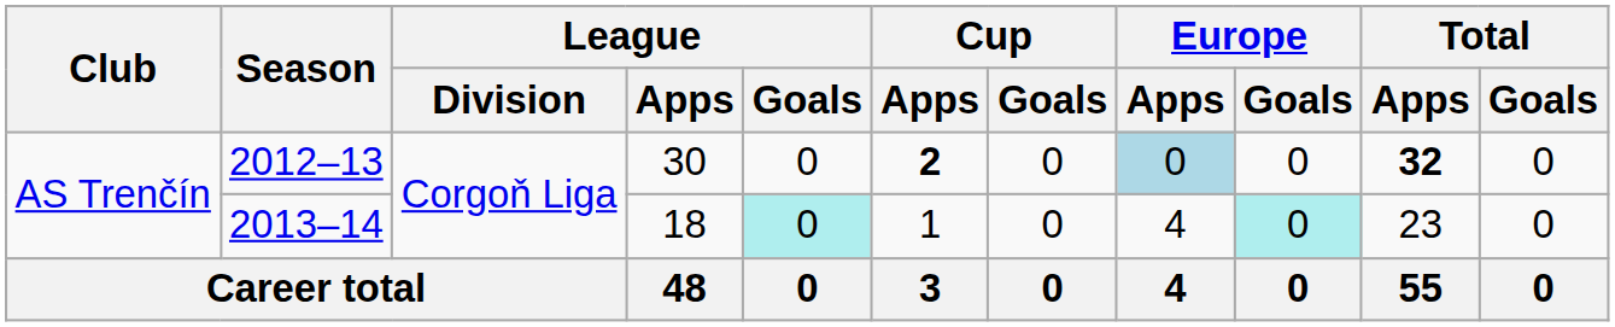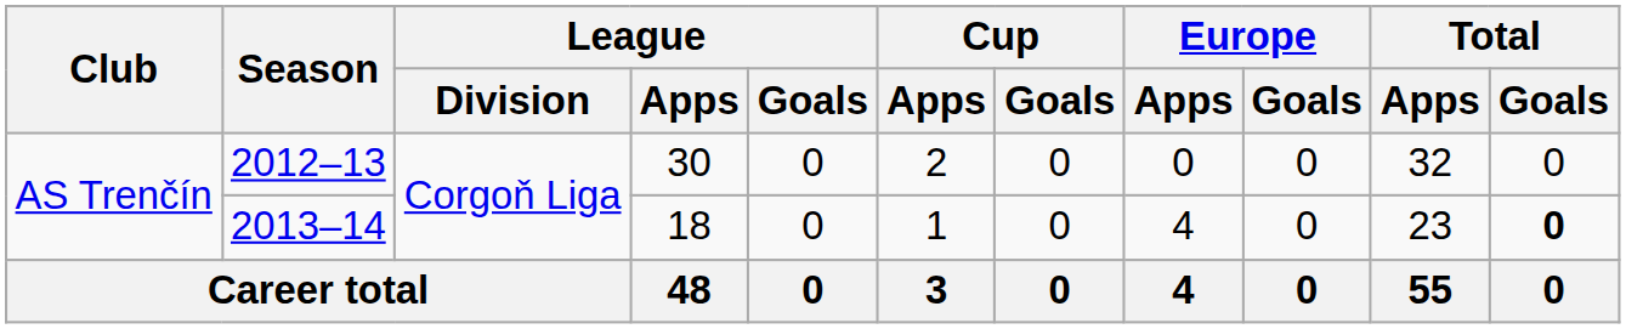 <table class="wikitable" style="text-align:center">
 <tr>
 <th rowspan="2">Club</th>
 <th rowspan="2">Season</th>
 <th colspan="3">League</th>
 <th colspan="2">Cup</th>
 <th colspan="2"><a href='#'>Europe</a></th>
 <th colspan="2">Total</th>
 </tr>
 <tr>
 <th>Division</th>
 <th>Apps</th>
 <th>Goals</th>
 <th>Apps</th>
 <th>Goals</th>
 <th>Apps</th>
 <th>Goals</th>
 <th>Apps</th>
 <th>Goals</th>
 </tr>
 <tr>
 <td rowspan="2"><a href='#'>AS Trenčín</a></td>
 <td><a href='#'>2012–13</a></td>
 <td rowspan="2"><a href='#'>Corgoň Liga</a></td>
 <td>30</td>
 <td>0</td>
-<td><strong>2</strong></td>
+<td>2</td>
 <td>0</td>
-<td style="background: lightblue;">0</td>
 <td>0</td>
-<td><strong>32</strong></td>
+<td>0</td>
+<td>32</td>
 <td>0</td>
 </tr>
 <tr>
 <td><a href='#'>2013–14</a></td>
 <td>18</td>
-<td style="background: paleturquoise;">0</td>
+<td>0</td>
 <td>1</td>
 <td>0</td>
 <td>4</td>
-<td style="background: paleturquoise;">0</td>
+<td>0</td>
 <td>23</td>
-<td>0</td>
+<td><strong>0</strong></td>
 </tr>
 <tr>
 <th colspan="3">Career total</th>
 <th>48</th>
 <th>0</th>
 <th>3</th>
 <th>0</th>
 <th>4</th>
 <th>0</th>
 <th>55</th>
 <th>0</th>
 </tr>
 </table>
